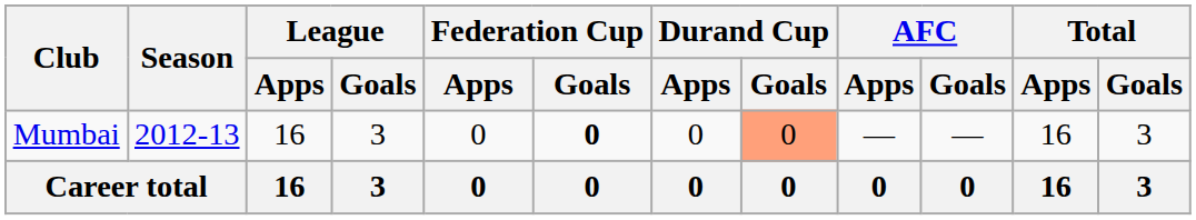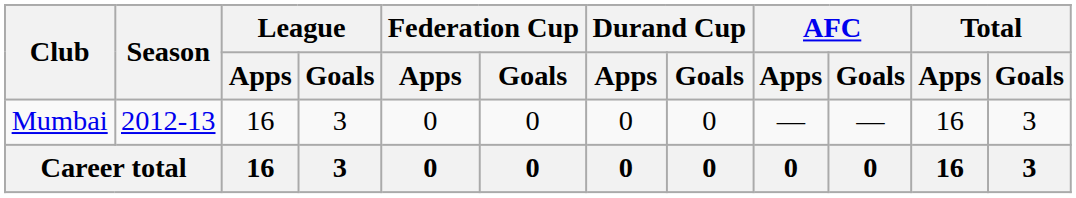 <table class="wikitable" style="font-size:90%; text-align:center;">
 <tr>
 <th rowspan="2">Club</th>
 <th rowspan="2">Season</th>
 <th colspan="2">League</th>
 <th colspan="2">Federation Cup</th>
 <th colspan="2">Durand Cup</th>
 <th colspan="2"><a href='#'>AFC</a></th>
 <th colspan="2">Total</th>
 </tr>
 <tr>
 <th>Apps</th>
 <th>Goals</th>
 <th>Apps</th>
 <th>Goals</th>
 <th>Apps</th>
 <th>Goals</th>
 <th>Apps</th>
 <th>Goals</th>
 <th>Apps</th>
 <th>Goals</th>
 </tr>
 <tr>
 <td rowspan="1"><a href='#'>Mumbai</a></td>
 <td><a href='#'>2012-13</a></td>
 <td>16</td>
 <td>3</td>
 <td>0</td>
-<td><strong>0</strong></td>
 <td>0</td>
-<td style="background: lightsalmon;">0</td>
+<td>0</td>
+<td>0</td>
 <td>—</td>
 <td>—</td>
 <td>16</td>
 <td>3</td>
 </tr>
 <tr>
 <th colspan="2">Career total</th>
 <th>16</th>
 <th>3</th>
 <th>0</th>
 <th>0</th>
 <th>0</th>
 <th>0</th>
 <th>0</th>
 <th>0</th>
 <th>16</th>
 <th>3</th>
 </tr>
 </table>
